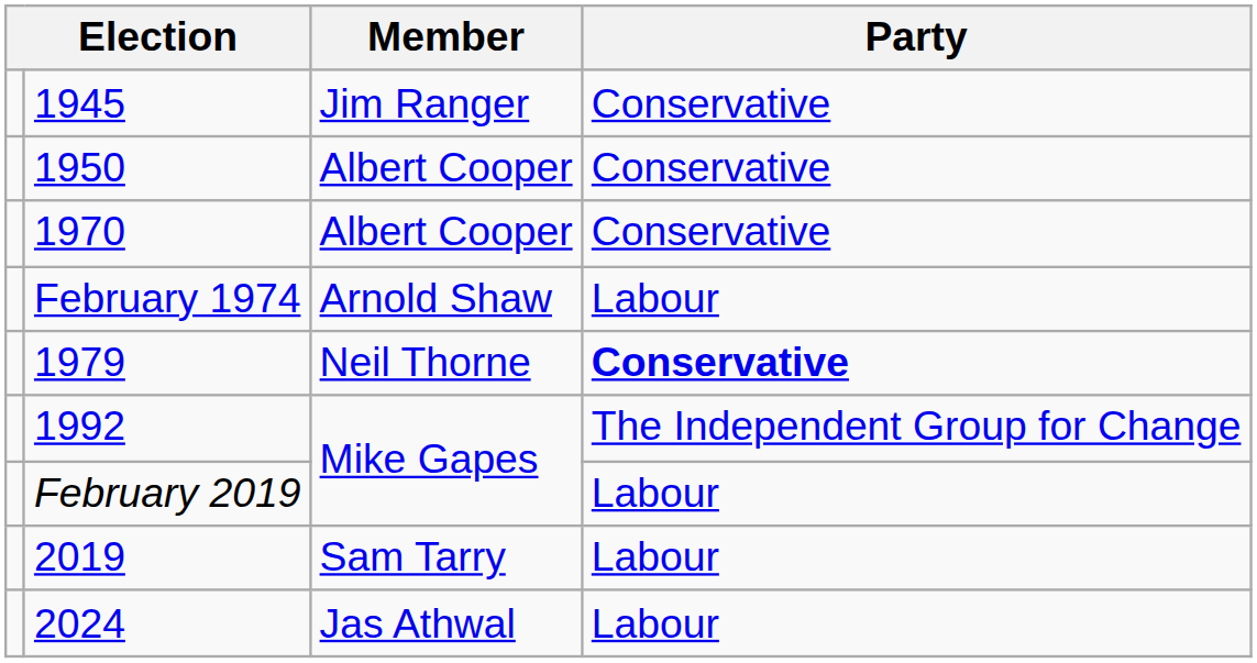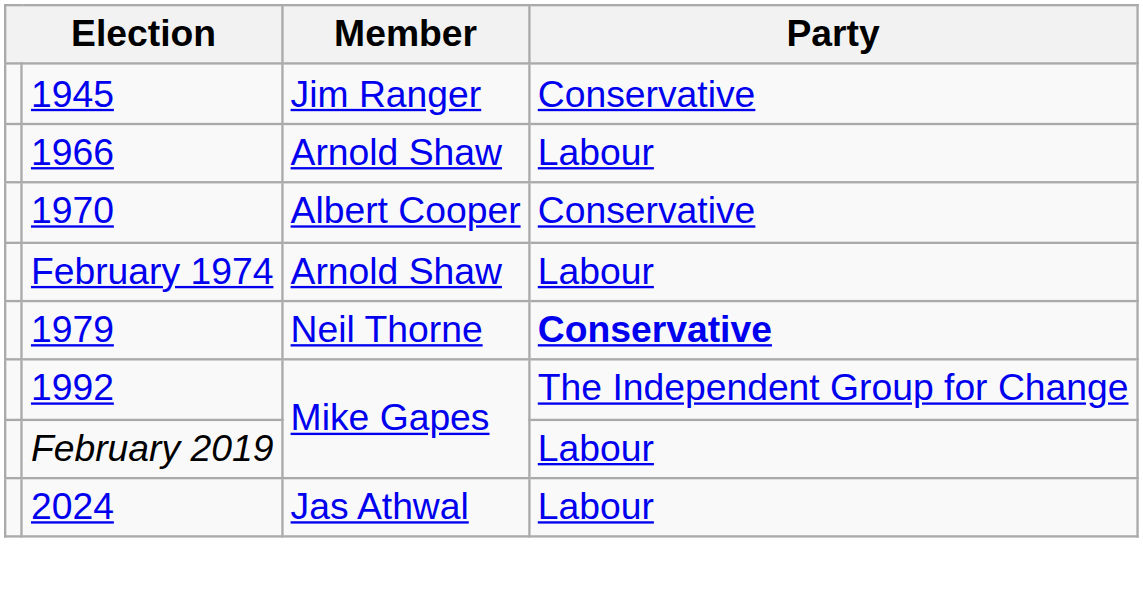 <table class="wikitable">
 <tr>
 <th colspan="2">Election</th>
 <th>Member</th>
 <th>Party</th>
 </tr>
 <tr>
 <td style="color:inherit;background-color: "></td>
 <td><a href='#'>1945</a></td>
 <td><a href='#'>Jim Ranger</a></td>
 <td><a href='#'>Conservative</a></td>
 </tr>
 <tr>
 <td style="color:inherit;background-color: "></td>
-<td><a href='#'>1950</a></td>
-<td><a href='#'>Albert Cooper</a></td>
-<td><a href='#'>Conservative</a></td>
+<td><a href='#'>1966</a></td>
+<td><a href='#'>Arnold Shaw</a></td>
+<td><a href='#'>Labour</a></td>
 </tr>
 <tr>
 <td style="color:inherit;background-color: "></td>
 <td><a href='#'>1970</a></td>
 <td><a href='#'>Albert Cooper</a></td>
 <td><a href='#'>Conservative</a></td>
 </tr>
 <tr>
 <td style="color:inherit;background-color: "></td>
 <td><a href='#'>February 1974</a></td>
 <td><a href='#'>Arnold Shaw</a></td>
 <td><a href='#'>Labour</a></td>
 </tr>
 <tr>
 <td style="color:inherit;background-color: "></td>
 <td><a href='#'>1979</a></td>
 <td><a href='#'>Neil Thorne</a></td>
 <td><strong><a href='#'>Conservative</a></strong></td>
 </tr>
 <tr>
 <td style="color:inherit;background-color: "></td>
 <td><a href='#'>1992</a></td>
 <td rowspan="2"><a href='#'>Mike Gapes</a></td>
 <td><a href='#'>The Independent Group for Change</a></td>
 </tr>
 <tr>
 <td style="color:inherit;background-color: "></td>
 <td><em>February 2019</em></td>
 <td><a href='#'>Labour</a></td>
 </tr>
 <tr>
 <td style="color:inherit;background-color: "></td>
-<td><a href='#'>2019</a></td>
-<td><a href='#'>Sam Tarry</a></td>
-<td><a href='#'>Labour</a></td>
-</tr>
-<tr>
-<td style="color:inherit;background-color: "></td>
 <td><a href='#'>2024</a></td>
 <td><a href='#'>Jas Athwal</a></td>
 <td><a href='#'>Labour</a></td>
 </tr>
 </table>
